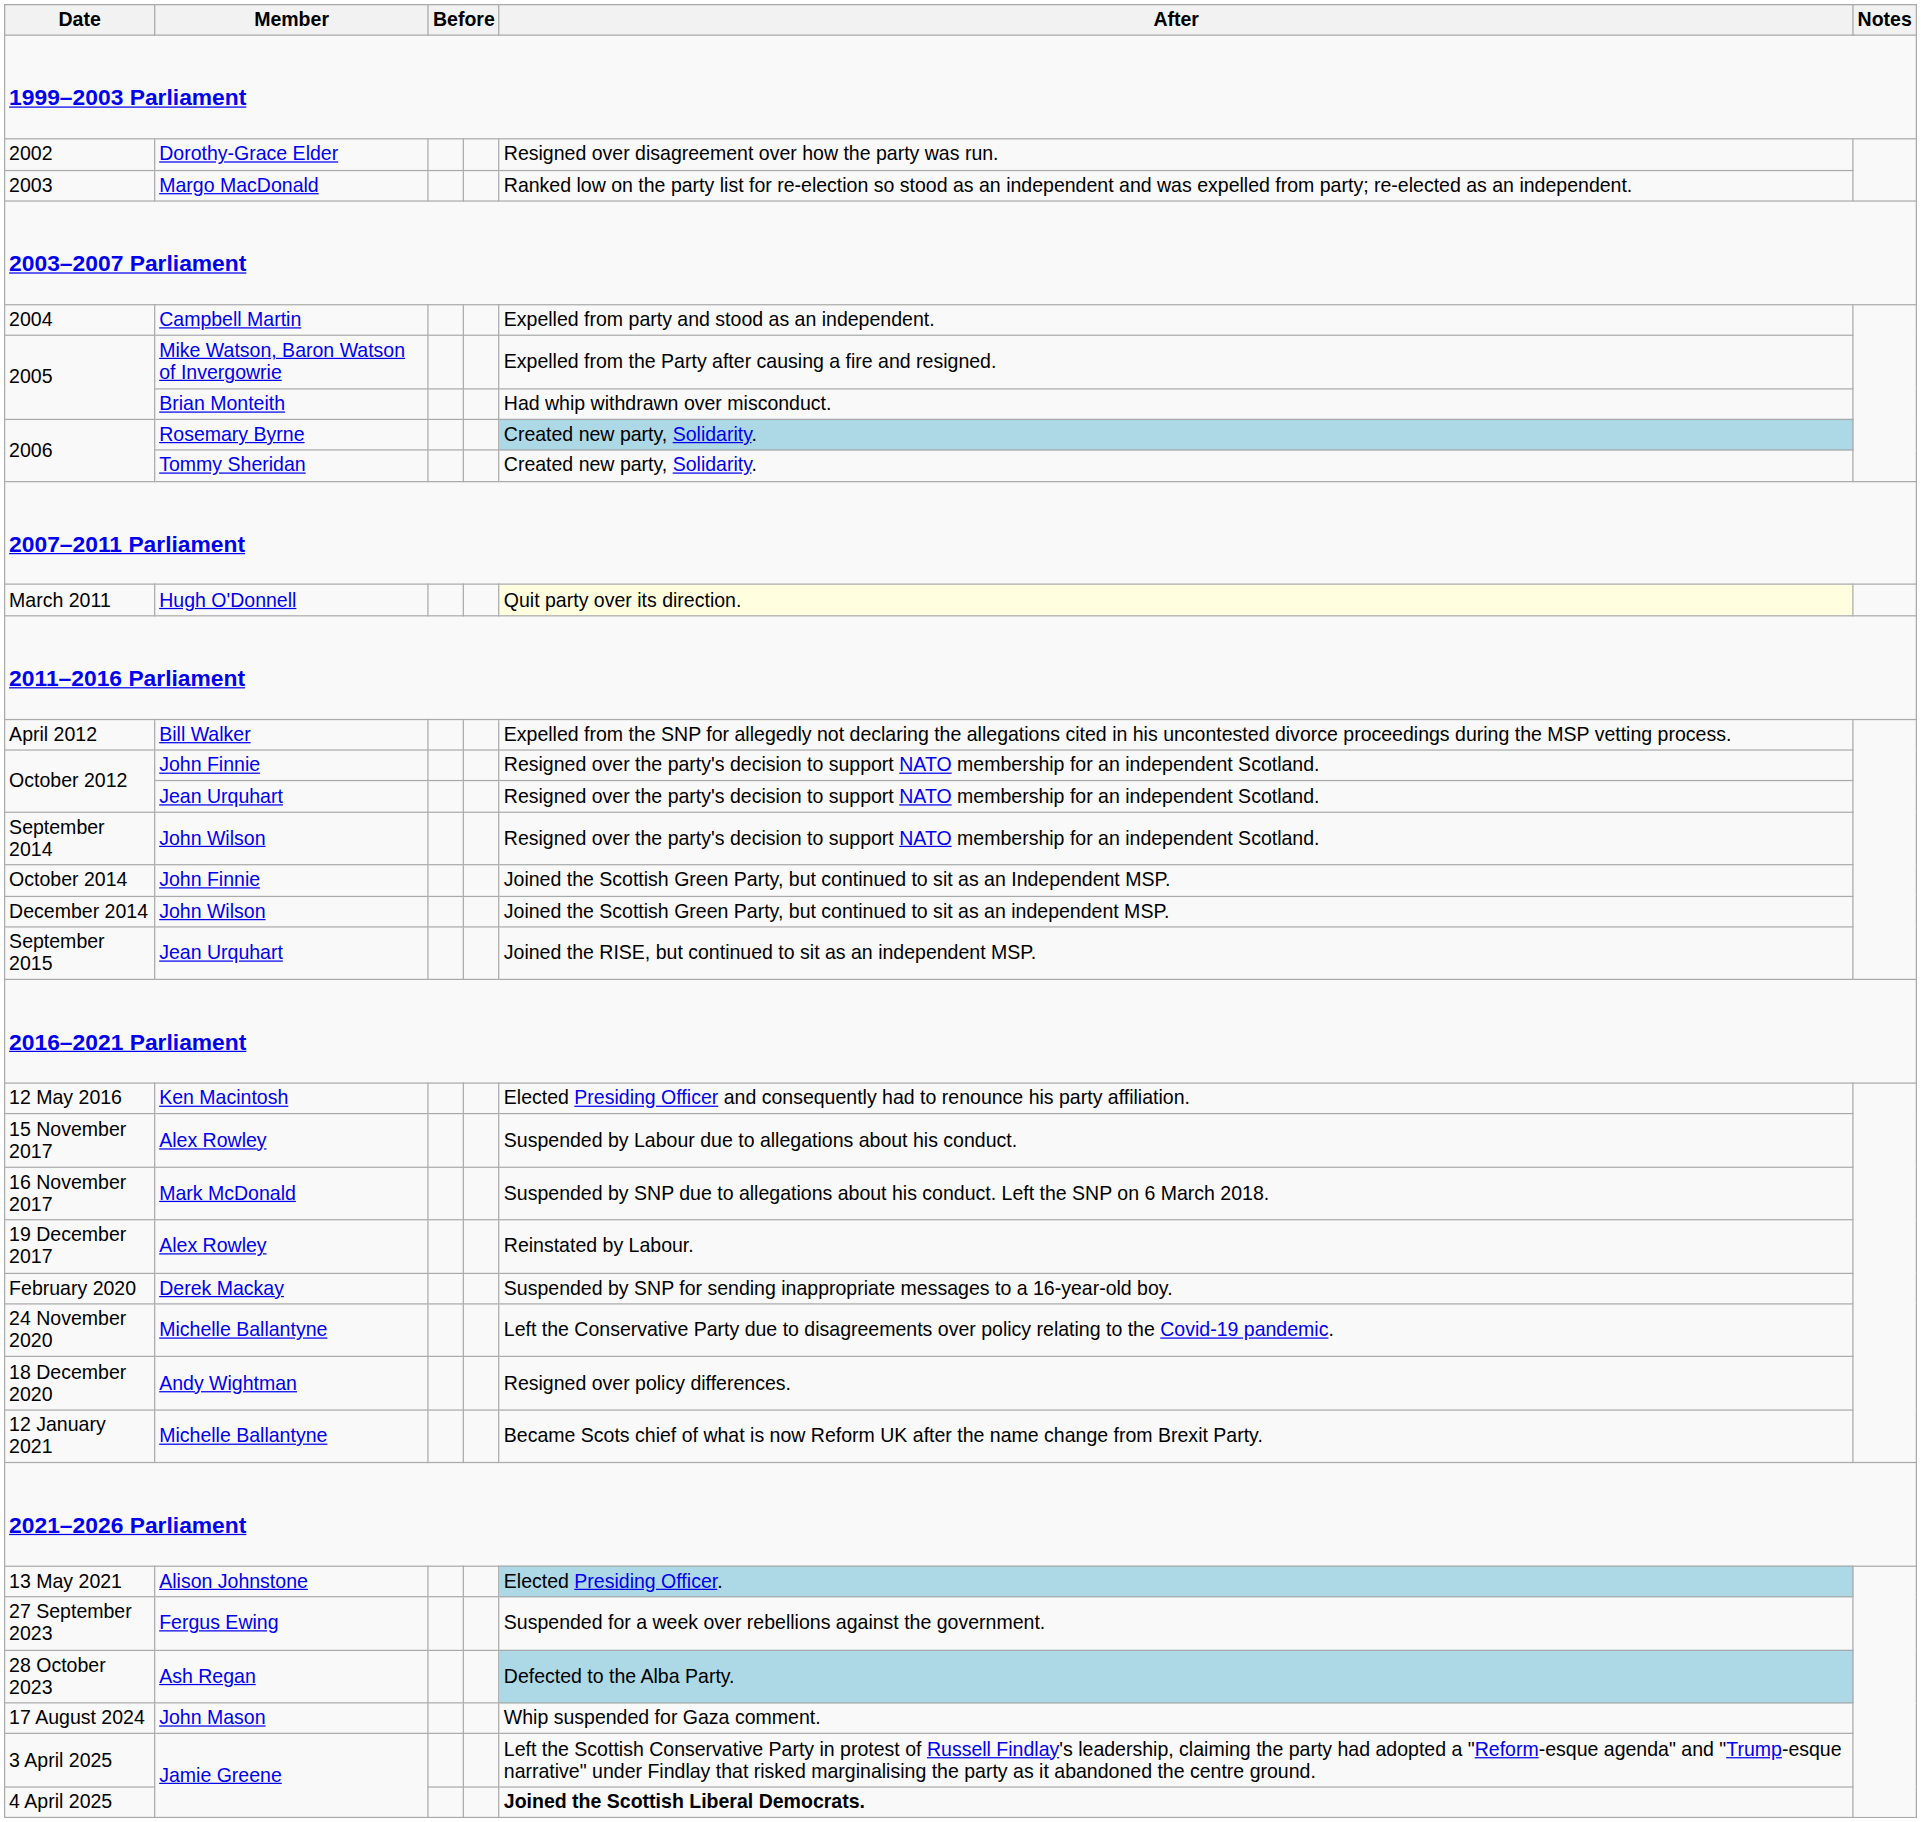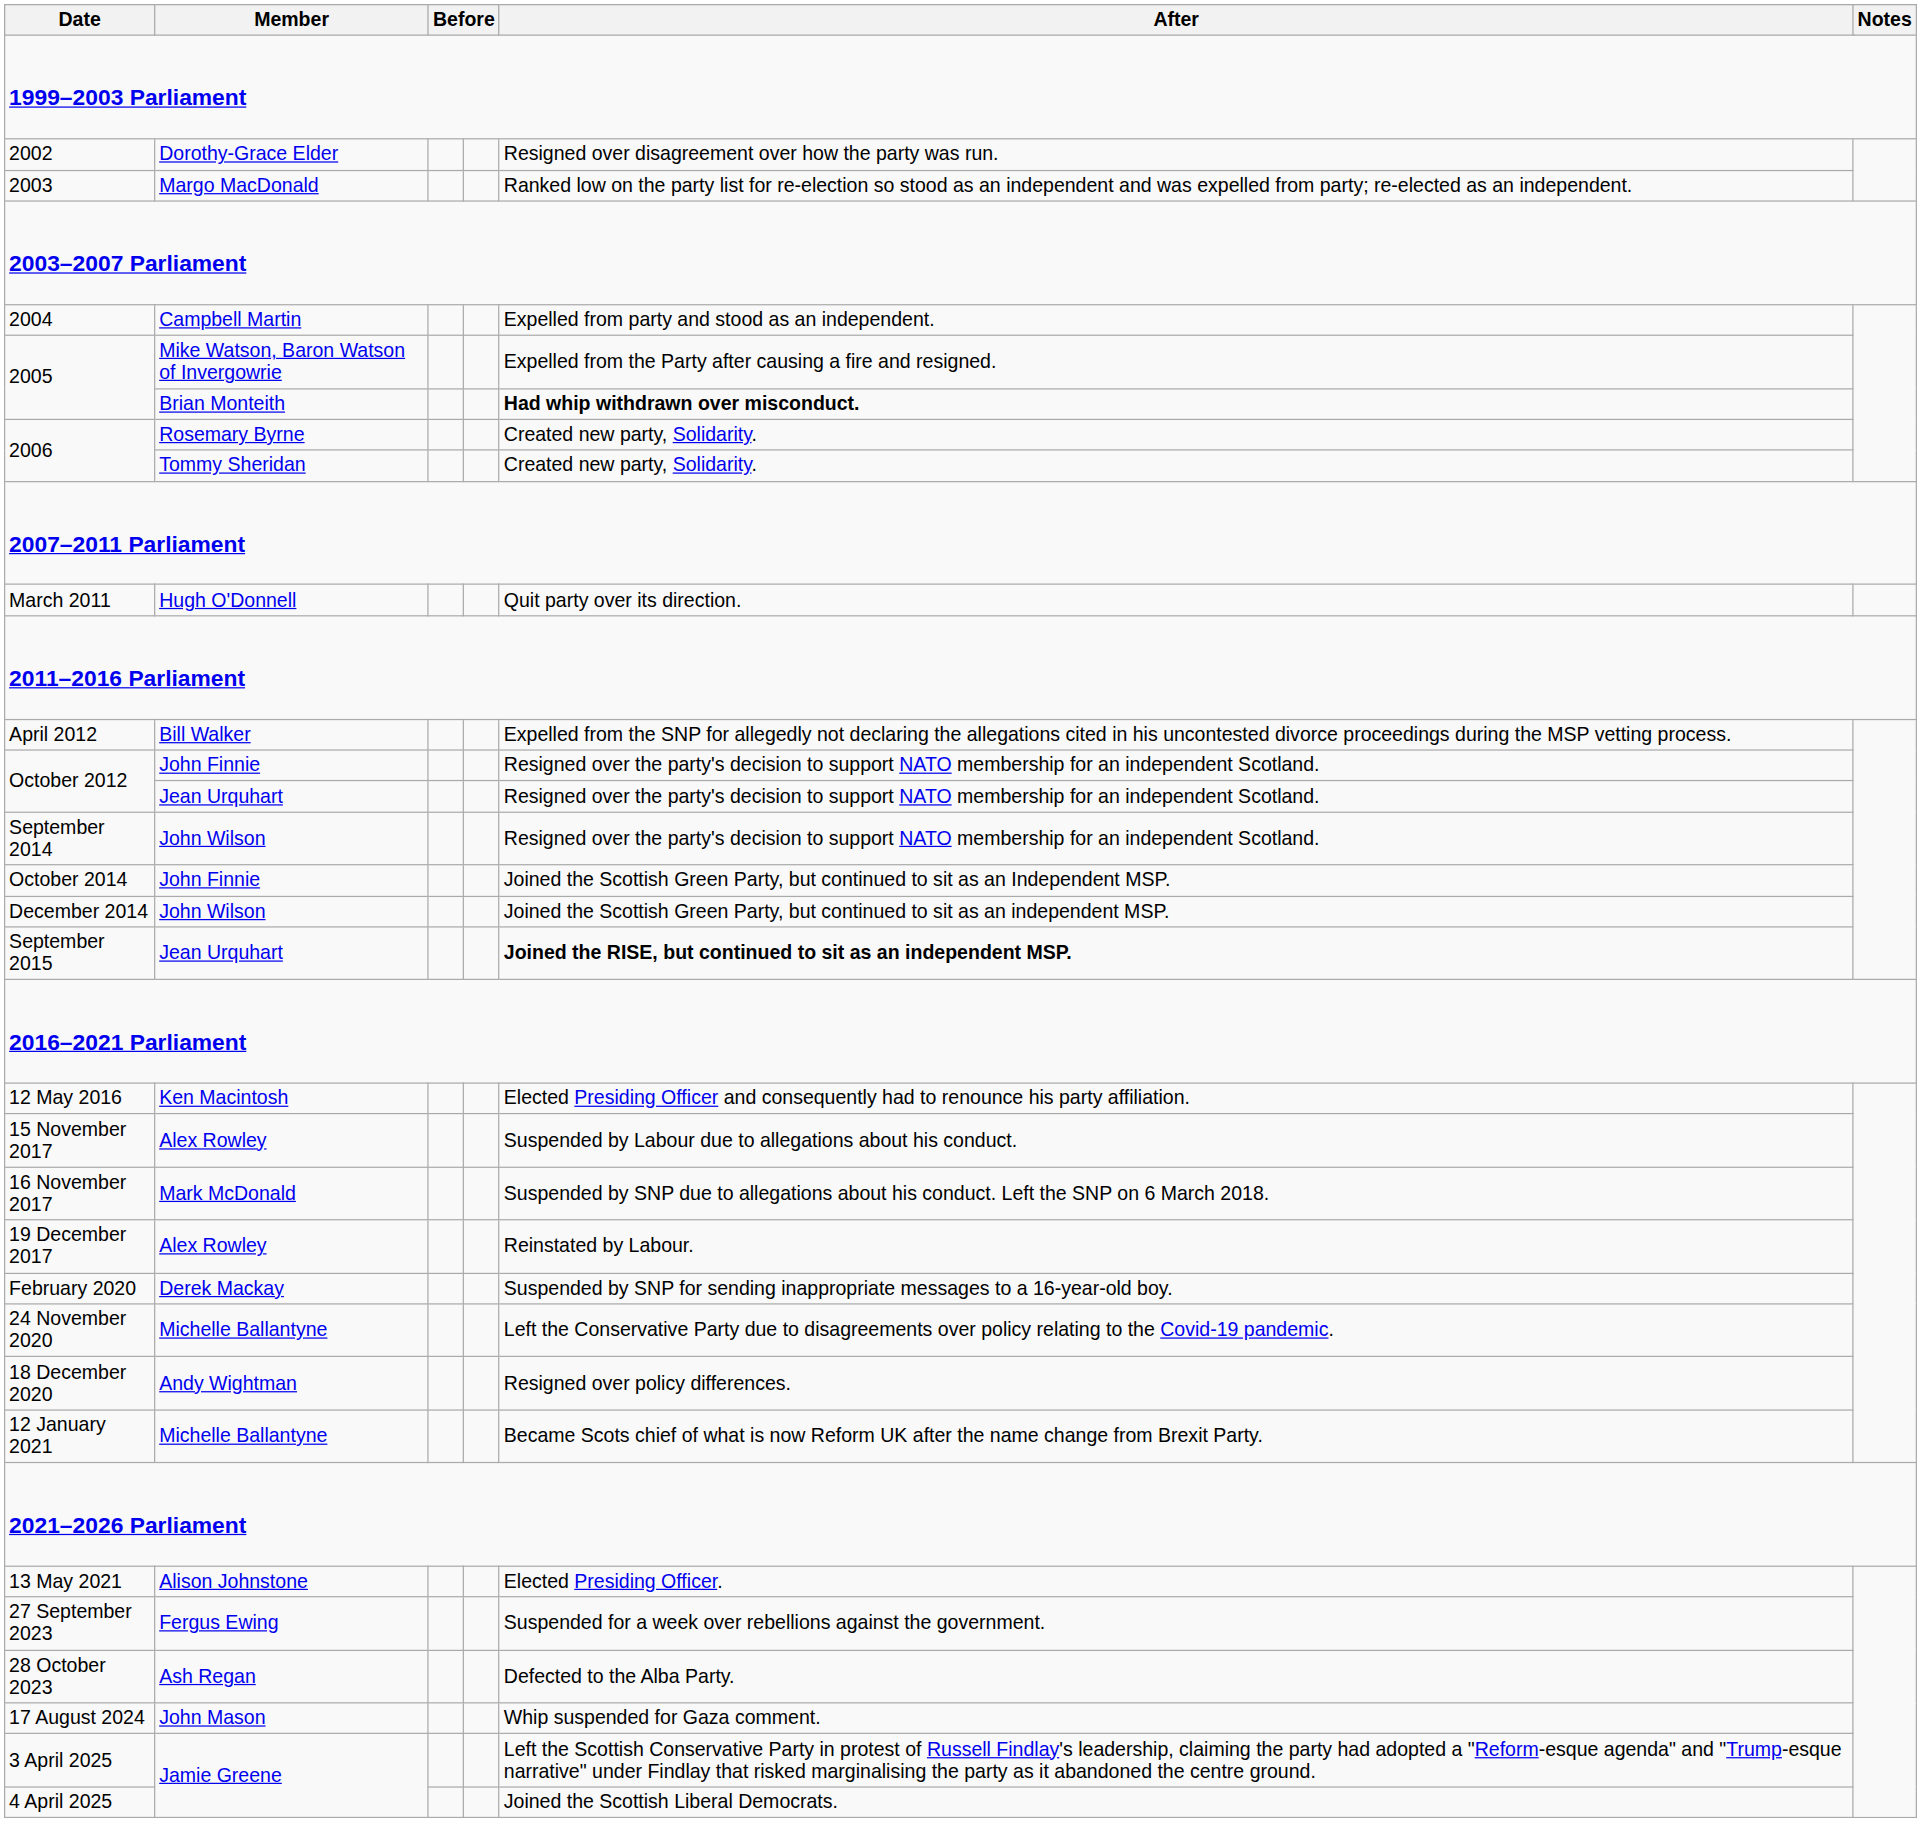 <table class="wikitable">
 <tr style="background:#ccc;">
 <th>Date</th>
 <th>Member</th>
 <th colspan=2>Before</th>
 <th colspan=2>After</th>
 <th>Notes</th>
 </tr>
 <tr>
 <td colspan=7><br><h3><a href='#'>1999–2003 Parliament</a></h3></td>
 </tr>
 <tr>
 <td>2002</td>
 <td><a href='#'>Dorothy-Grace Elder</a></td>
 <td></td>
 <td></td>
 <td>Resigned over disagreement over how the party was run.</td>
 </tr>
 <tr>
 <td>2003</td>
 <td><a href='#'>Margo MacDonald</a></td>
 <td></td>
 <td></td>
 <td>Ranked low on the party list for re-election so stood as an independent and was expelled from party; re-elected as an independent.</td>
 </tr>
 <tr>
 <td colspan=7><br><h3><a href='#'>2003–2007 Parliament</a></h3></td>
 </tr>
 <tr>
 <td>2004</td>
 <td><a href='#'>Campbell Martin</a></td>
 <td></td>
 <td></td>
 <td>Expelled from party and stood as an independent.</td>
 </tr>
 <tr>
 <td rowspan="2">2005</td>
 <td><a href='#'>Mike Watson, Baron Watson of Invergowrie</a></td>
 <td></td>
 <td></td>
 <td>Expelled from the Party after causing a fire and resigned.</td>
 </tr>
 <tr>
 <td><a href='#'>Brian Monteith</a></td>
 <td></td>
 <td></td>
-<td>Had whip withdrawn over misconduct.</td>
+<td><strong>Had whip withdrawn over misconduct.</strong></td>
 </tr>
 <tr>
 <td rowspan="2">2006</td>
 <td><a href='#'>Rosemary Byrne</a></td>
 <td></td>
 <td></td>
-<td style="background: lightblue;">Created new party, <a href='#'>Solidarity</a>.</td>
+<td>Created new party, <a href='#'>Solidarity</a>.</td>
 </tr>
 <tr>
 <td><a href='#'>Tommy Sheridan</a></td>
 <td></td>
 <td></td>
 <td>Created new party, <a href='#'>Solidarity</a>.</td>
 </tr>
 <tr>
 <td colspan=7><br><h3><a href='#'>2007–2011 Parliament</a></h3></td>
 </tr>
 <tr>
 <td>March 2011</td>
 <td><a href='#'>Hugh O'Donnell</a></td>
 <td></td>
 <td></td>
-<td style="background: lightyellow;">Quit party over its direction.</td>
+<td>Quit party over its direction.</td>
 </tr>
 <tr>
 <td colspan=7><br><h3><a href='#'>2011–2016 Parliament</a></h3></td>
 </tr>
 <tr>
 <td>April 2012</td>
 <td><a href='#'>Bill Walker</a></td>
 <td></td>
 <td></td>
 <td>Expelled from the SNP for allegedly not declaring the allegations cited in his uncontested divorce proceedings during the MSP vetting process.</td>
 </tr>
 <tr>
 <td rowspan="2">October 2012</td>
 <td><a href='#'>John Finnie</a></td>
 <td></td>
 <td></td>
 <td>Resigned over the party's decision to support <a href='#'>NATO</a> membership for an independent Scotland.</td>
 </tr>
 <tr>
 <td><a href='#'>Jean Urquhart</a></td>
 <td></td>
 <td></td>
 <td>Resigned over the party's decision to support <a href='#'>NATO</a> membership for an independent Scotland.</td>
 </tr>
 <tr>
 <td>September 2014</td>
 <td><a href='#'>John Wilson</a></td>
 <td></td>
 <td></td>
 <td>Resigned over the party's decision to support <a href='#'>NATO</a> membership for an independent Scotland.</td>
 </tr>
 <tr>
 <td>October 2014</td>
 <td><a href='#'>John Finnie</a></td>
 <td></td>
 <td></td>
 <td>Joined the Scottish Green Party, but continued to sit as an Independent MSP.</td>
 </tr>
 <tr>
 <td>December 2014</td>
 <td><a href='#'>John Wilson</a></td>
 <td></td>
 <td></td>
 <td>Joined the Scottish Green Party, but continued to sit as an independent MSP.</td>
 </tr>
 <tr>
 <td>September 2015</td>
 <td><a href='#'>Jean Urquhart</a></td>
 <td></td>
 <td></td>
-<td>Joined the RISE, but continued to sit as an independent MSP.</td>
+<td><strong>Joined the RISE, but continued to sit as an independent MSP.</strong></td>
 </tr>
 <tr>
 <td colspan=7><br><h3><a href='#'>2016–2021 Parliament</a></h3></td>
 </tr>
 <tr>
 <td>12 May 2016</td>
 <td><a href='#'>Ken Macintosh</a></td>
 <td></td>
 <td></td>
 <td>Elected <a href='#'>Presiding Officer</a> and consequently had to renounce his party affiliation.</td>
 </tr>
 <tr>
 <td>15 November 2017</td>
 <td><a href='#'>Alex Rowley</a></td>
 <td></td>
 <td></td>
 <td>Suspended by Labour due to allegations about his conduct.</td>
 </tr>
 <tr>
 <td>16 November 2017</td>
 <td><a href='#'>Mark McDonald</a></td>
 <td></td>
 <td></td>
 <td>Suspended by SNP due to allegations about his conduct. Left the SNP on 6 March 2018.</td>
 </tr>
 <tr>
 <td>19 December 2017</td>
 <td><a href='#'>Alex Rowley</a></td>
 <td></td>
 <td></td>
 <td>Reinstated by Labour.</td>
 </tr>
 <tr>
 <td>February 2020</td>
 <td><a href='#'>Derek Mackay</a></td>
 <td></td>
 <td></td>
 <td>Suspended by SNP for sending inappropriate messages to a 16-year-old boy.</td>
 </tr>
 <tr>
 <td>24 November 2020</td>
 <td><a href='#'>Michelle Ballantyne</a></td>
 <td></td>
 <td></td>
 <td>Left the Conservative Party due to disagreements over policy relating to the <a href='#'>Covid-19 pandemic</a>.</td>
 </tr>
 <tr>
 <td>18 December 2020</td>
 <td><a href='#'>Andy Wightman</a></td>
 <td></td>
 <td></td>
 <td>Resigned over policy differences.</td>
 </tr>
 <tr>
 <td>12 January 2021</td>
 <td><a href='#'>Michelle Ballantyne</a></td>
 <td></td>
 <td></td>
 <td>Became Scots chief of what is now Reform UK after the name change from Brexit Party.</td>
 </tr>
 <tr>
 <td colspan=7><br><h3><a href='#'>2021–2026 Parliament</a></h3></td>
 </tr>
 <tr>
 <td>13 May 2021</td>
 <td><a href='#'>Alison Johnstone</a></td>
 <td></td>
 <td></td>
-<td style="background: lightblue;">Elected <a href='#'>Presiding Officer</a>.</td>
+<td>Elected <a href='#'>Presiding Officer</a>.</td>
 </tr>
 <tr>
 <td>27 September 2023</td>
 <td><a href='#'>Fergus Ewing</a></td>
 <td></td>
 <td></td>
 <td>Suspended for a week over rebellions against the government.</td>
 </tr>
 <tr>
 <td>28 October 2023</td>
 <td><a href='#'>Ash Regan</a></td>
 <td></td>
 <td></td>
-<td style="background: lightblue;">Defected to the Alba Party.</td>
+<td>Defected to the Alba Party.</td>
 </tr>
 <tr>
 <td>17 August 2024</td>
 <td><a href='#'>John Mason</a></td>
 <td></td>
 <td></td>
 <td>Whip suspended for Gaza comment.</td>
 </tr>
 <tr>
 <td>3 April 2025</td>
 <td rowspan="2"><a href='#'>Jamie Greene</a></td>
 <td></td>
 <td></td>
 <td>Left the Scottish Conservative Party in protest of <a href='#'>Russell Findlay</a>'s leadership, claiming the party had adopted a "<a href='#'>Reform</a>-esque agenda" and "<a href='#'>Trump</a>-esque narrative" under Findlay that risked marginalising the party as it abandoned the centre ground.</td>
 </tr>
 <tr>
 <td>4 April 2025</td>
 <td></td>
 <td></td>
-<td><strong>Joined the Scottish Liberal Democrats.</strong></td>
+<td>Joined the Scottish Liberal Democrats.</td>
 </tr>
 <tr>
 </tr>
 </table>
